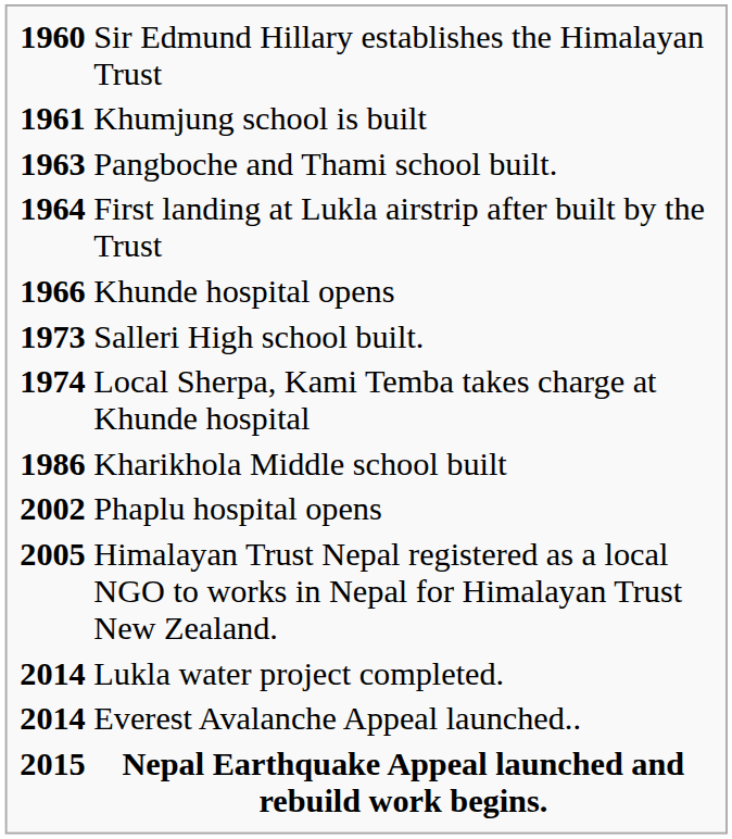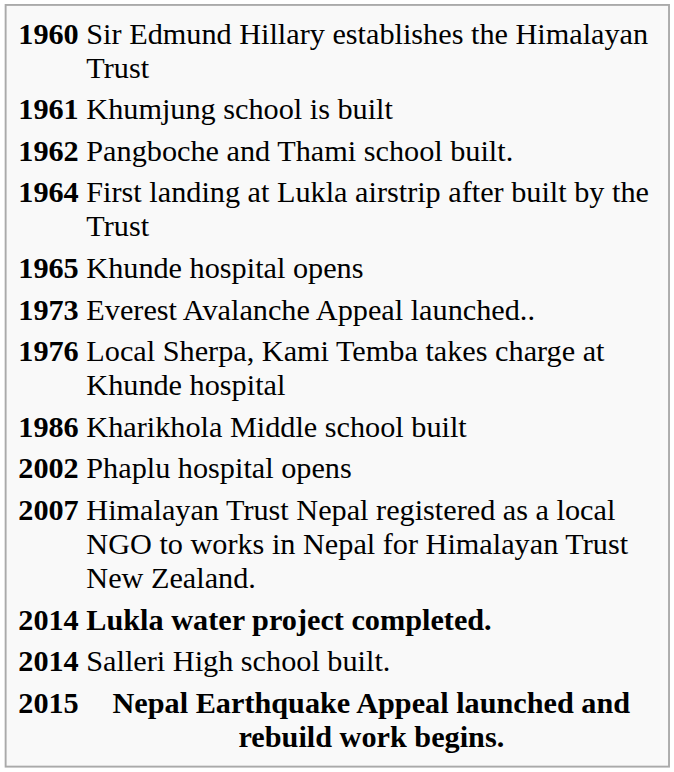 <table class="infobox" style="width:22em">
 <tr>
 <th>1960</th>
 <td>Sir Edmund Hillary establishes the Himalayan Trust</td>
 </tr>
 <tr>
 <th>1961</th>
 <td>Khumjung school is built</td>
 </tr>
 <tr>
-<th>1963</th>
+<th>1962</th>
 <td>Pangboche and Thami school built.</td>
 </tr>
 <tr>
 <th>1964</th>
 <td>First landing at Lukla airstrip after built by the Trust</td>
 </tr>
 <tr>
-<th>1966</th>
+<th>1965</th>
 <td>Khunde hospital opens</td>
 </tr>
 <tr>
 <th>1973</th>
-<td>Salleri High school built.</td>
+<td>Everest Avalanche Appeal launched..</td>
 </tr>
 <tr>
-<th>1974</th>
+<th>1976</th>
 <td>Local Sherpa, Kami Temba takes charge at Khunde hospital</td>
 </tr>
 <tr>
 <th>1986</th>
 <td>Kharikhola Middle school built</td>
 </tr>
 <tr>
 <th>2002</th>
 <td>Phaplu hospital opens</td>
 </tr>
 <tr>
-<th>2005</th>
+<th>2007</th>
 <td>Himalayan Trust Nepal registered as a local NGO to works in Nepal for Himalayan Trust New Zealand.</td>
 </tr>
 <tr>
 <th>2014</th>
-<td>Lukla water project completed.</td>
+<td><strong>Lukla water project completed.</strong></td>
 </tr>
 <tr>
 <th>2014</th>
-<td>Everest Avalanche Appeal launched..</td>
+<td>Salleri High school built.</td>
 </tr>
 <tr>
 <th>2015</th>
 <th>Nepal Earthquake Appeal launched and rebuild work begins.</th>
 </tr>
 </table>
